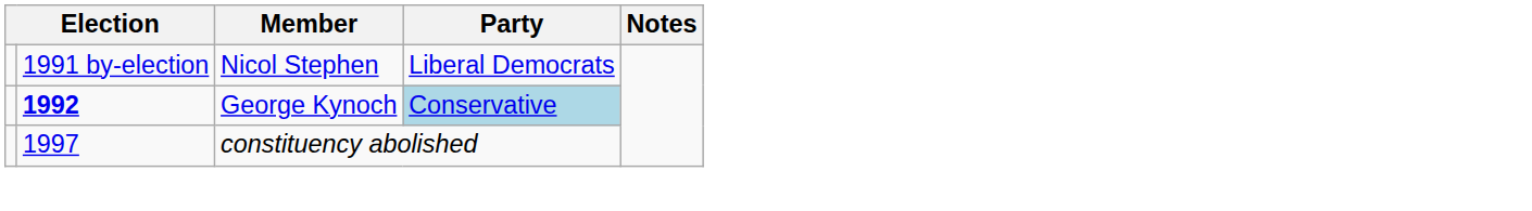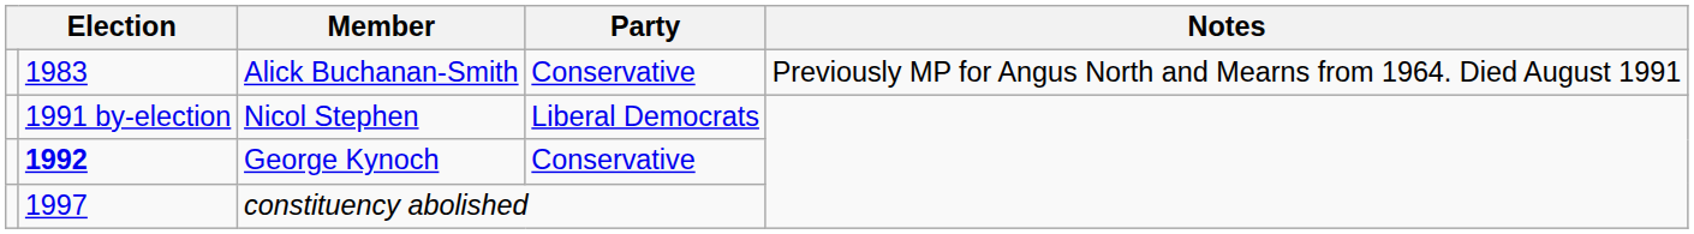 <table class="wikitable">
 <tr>
 <th colspan="2">Election</th>
 <th>Member</th>
 <th>Party</th>
 <th>Notes</th>
+</tr>
+<tr>
+<td style="color:inherit;background-color: "></td>
+<td><a href='#'>1983</a></td>
+<td><a href='#'>Alick Buchanan-Smith</a></td>
+<td><a href='#'>Conservative</a></td>
+<td>Previously MP for Angus North and Mearns from 1964.  Died August 1991</td>
 </tr>
 <tr>
 <td style="color:inherit;background-color: "></td>
 <td><a href='#'>1991 by-election</a></td>
 <td><a href='#'>Nicol Stephen</a></td>
 <td><a href='#'>Liberal Democrats</a></td>
 </tr>
 <tr>
 <td style="color:inherit;background-color: "></td>
 <td><strong><a href='#'>1992</a></strong></td>
 <td><a href='#'>George Kynoch</a></td>
-<td style="background: lightblue;"><a href='#'>Conservative</a></td>
+<td><a href='#'>Conservative</a></td>
 </tr>
 <tr>
 <td></td>
 <td><a href='#'>1997</a></td>
 <td colspan="2"><em>constituency abolished</em></td>
 </tr>
 </table>
